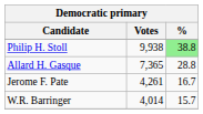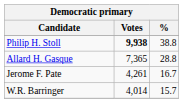 <table class="wikitable" align="left" style="margin: 1em 1em 1em 0; font-size: 95%;">
 <tr>
 <th colspan="3">Democratic primary</th>
 </tr>
 <tr>
 <th colspan="1" style="width: 170px">Candidate</th>
 <th style="width: 50px">Votes</th>
 <th style="width: 40px">%</th>
 </tr>
 <tr>
 </tr>
 <tr>
 <td><a href='#'>Philip H. Stoll</a></td>
-<td align="right">9,938</td>
-<td align="right" style="background: lightgreen;">38.8</td>
+<td align="right"><strong>9,938</strong></td>
+<td align="right">38.8</td>
 </tr>
 <tr>
 <td><a href='#'>Allard H. Gasque</a></td>
 <td align="right">7,365</td>
 <td align="right">28.8</td>
 </tr>
 <tr>
 <td>Jerome F. Pate</td>
 <td align="right">4,261</td>
 <td align="right">16.7</td>
 </tr>
 <tr>
 <td>W.R. Barringer</td>
 <td align="right">4,014</td>
 <td align="right">15.7</td>
 </tr>
 <tr>
 </tr>
 </table>
